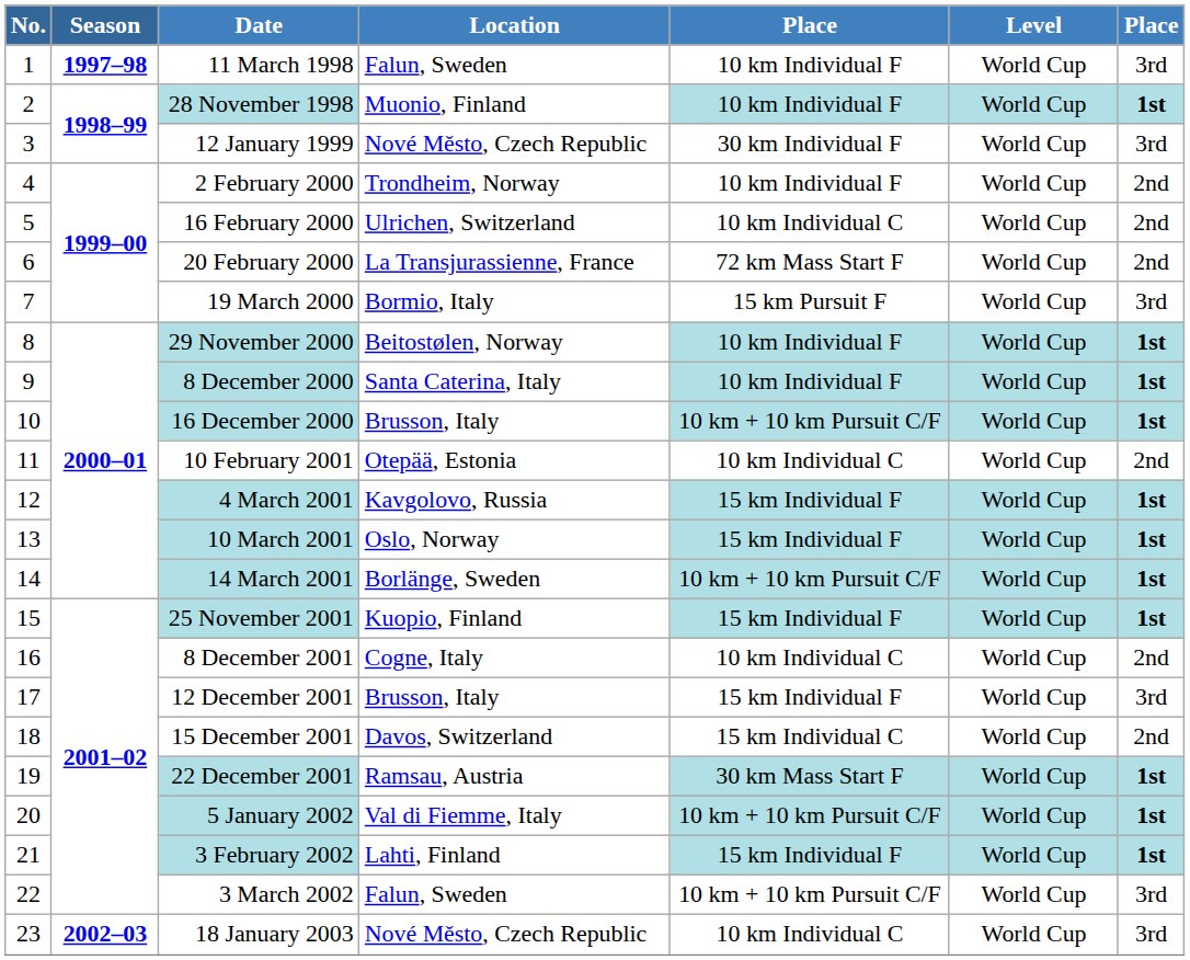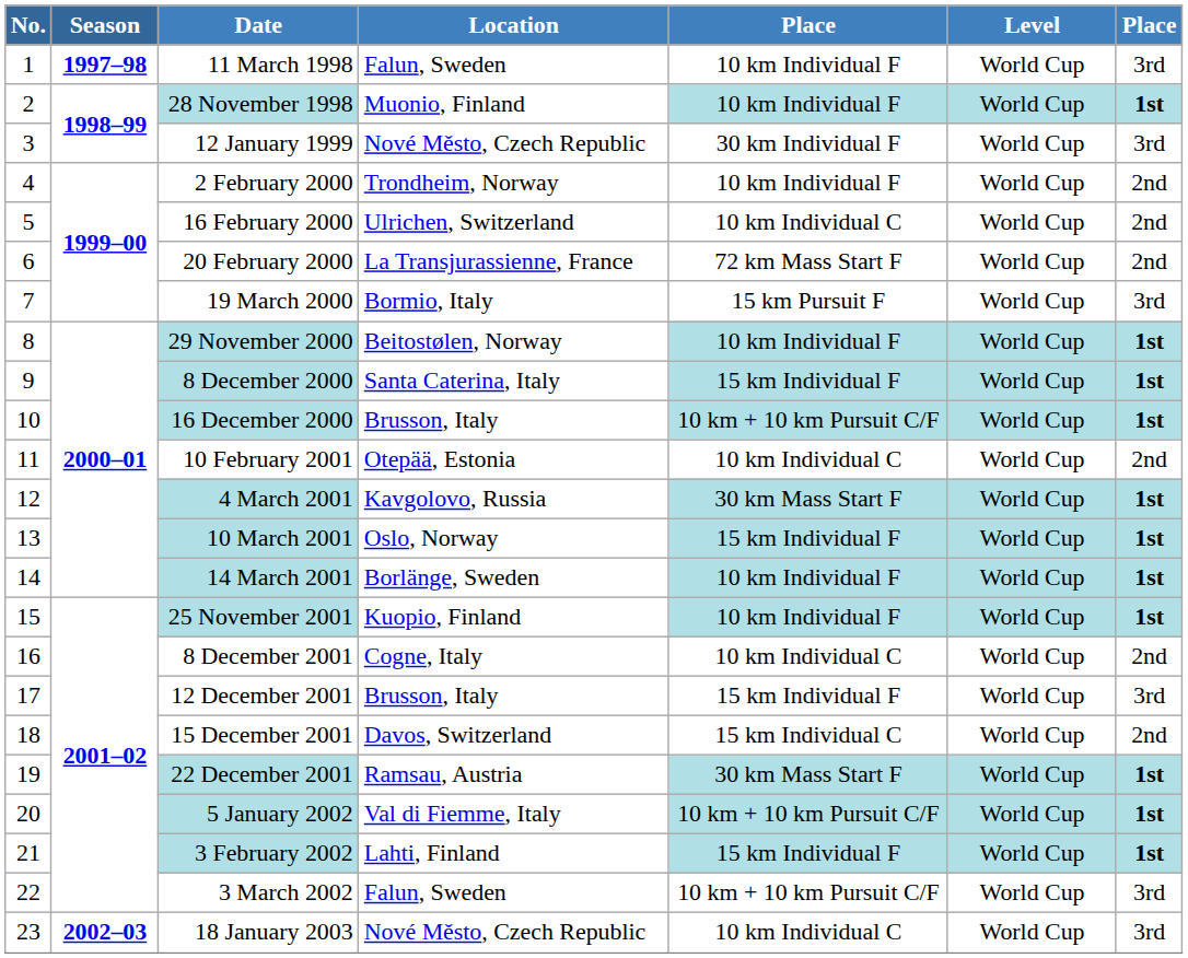 <table class="wikitable sortable" style="font-size:95%; text-align:center; border:grey solid 1px; border-collapse:collapse; background:#ffffff;">
 <tr style="background:#efefef;">
 <th style="background-color:#369; color:white;">No.</th>
 <th style="background-color:#369; color:white;">Season</th>
 <th style="background-color:#4180be; color:white; width:120px;">Date</th>
 <th style="background-color:#4180be; color:white; width:190px;">Location</th>
 <th style="background-color:#4180be; color:white; width:170px;">Place</th>
 <th style="background-color:#4180be; color:white; width:100px;">Level</th>
 <th style="background-color:#4180be; color:white;">Place</th>
 </tr>
 <tr>
 <td align=center>1</td>
 <td rowspan=1 align=center><strong> <a href='#'>1997–98</a> </strong></td>
 <td align=right>11 March 1998</td>
 <td align=left> <a href='#'>Falun</a>, Sweden</td>
 <td>10 km Individual F</td>
 <td>World Cup</td>
 <td>3rd</td>
 </tr>
 <tr>
 <td align=center>2</td>
 <td rowspan=2 align=center><strong><a href='#'>1998–99</a></strong></td>
 <td bgcolor="#BOEOE6" align=right>28 November 1998</td>
 <td align=left> <a href='#'>Muonio</a>, Finland</td>
 <td bgcolor="#BOEOE6">10 km Individual F</td>
 <td bgcolor="#BOEOE6">World Cup</td>
 <td bgcolor="#BOEOE6"><strong>1st</strong></td>
 </tr>
 <tr>
 <td align=center>3</td>
 <td align=right>12 January 1999</td>
 <td align=left> <a href='#'>Nové Město</a>, Czech Republic</td>
 <td>30 km Individual F</td>
 <td>World Cup</td>
 <td>3rd</td>
 </tr>
 <tr>
 <td align=center>4</td>
 <td rowspan=4 align=center><strong> <a href='#'>1999–00</a> </strong></td>
 <td align=right>2 February 2000</td>
 <td align=left> <a href='#'>Trondheim</a>, Norway</td>
 <td>10 km Individual F</td>
 <td>World Cup</td>
 <td>2nd</td>
 </tr>
 <tr>
 <td align=center>5</td>
 <td align=right>16 February 2000</td>
 <td align=left> <a href='#'>Ulrichen</a>, Switzerland</td>
 <td>10 km Individual C</td>
 <td>World Cup</td>
 <td>2nd</td>
 </tr>
 <tr>
 <td align=center>6</td>
 <td align=right>20 February 2000</td>
 <td align=left> <a href='#'>La Transjurassienne</a>, France</td>
 <td>72 km Mass Start F</td>
 <td>World Cup</td>
 <td>2nd</td>
 </tr>
 <tr>
 <td align=center>7</td>
 <td align=right>19 March 2000</td>
 <td align=left> <a href='#'>Bormio</a>, Italy</td>
 <td>15 km Pursuit F</td>
 <td>World Cup</td>
 <td>3rd</td>
 </tr>
 <tr>
 <td align=center>8</td>
 <td rowspan=7 align=center><strong><a href='#'>2000–01</a></strong></td>
 <td bgcolor="#BOEOE6" align=right>29 November 2000</td>
 <td align=left> <a href='#'>Beitostølen</a>, Norway</td>
 <td bgcolor="#BOEOE6">10 km Individual F</td>
 <td bgcolor="#BOEOE6">World Cup</td>
 <td bgcolor="#BOEOE6"><strong>1st</strong></td>
 </tr>
 <tr>
 <td align=center>9</td>
 <td bgcolor="#BOEOE6" align=right>8 December 2000</td>
 <td align=left> <a href='#'>Santa Caterina</a>, Italy</td>
-<td bgcolor="#BOEOE6">10 km Individual F</td>
+<td bgcolor="#BOEOE6" align=center>15 km Individual F</td>
 <td bgcolor="#BOEOE6">World Cup</td>
 <td bgcolor="#BOEOE6"><strong>1st</strong></td>
 </tr>
 <tr>
 <td align=center>10</td>
 <td bgcolor="#BOEOE6" align=right>16 December 2000</td>
 <td align=left> <a href='#'>Brusson</a>, Italy</td>
 <td bgcolor="#BOEOE6" align=center>10 km + 10 km Pursuit C/F</td>
 <td bgcolor="#BOEOE6">World Cup</td>
 <td bgcolor="#BOEOE6"><strong>1st</strong></td>
 </tr>
 <tr>
 <td align=center>11</td>
 <td align=right>10 February 2001</td>
 <td align=left> <a href='#'>Otepää</a>, Estonia</td>
 <td>10 km Individual C</td>
 <td>World Cup</td>
 <td>2nd</td>
 </tr>
 <tr>
 <td align=center>12</td>
 <td bgcolor="#BOEOE6" align=right>4 March 2001</td>
 <td align=left> <a href='#'>Kavgolovo</a>, Russia</td>
-<td bgcolor="#BOEOE6" align=center>15 km Individual F</td>
+<td bgcolor="#BOEOE6" align=center>30 km Mass Start F</td>
 <td bgcolor="#BOEOE6">World Cup</td>
 <td bgcolor="#BOEOE6"><strong>1st</strong></td>
 </tr>
 <tr>
 <td align=center>13</td>
 <td bgcolor="#BOEOE6" align=right>10 March 2001</td>
 <td align=left> <a href='#'>Oslo</a>, Norway</td>
 <td bgcolor="#BOEOE6" align=center>15 km Individual F</td>
 <td bgcolor="#BOEOE6">World Cup</td>
 <td bgcolor="#BOEOE6"><strong>1st</strong></td>
 </tr>
 <tr>
 <td align=center>14</td>
 <td bgcolor="#BOEOE6" align=right>14 March 2001</td>
 <td align=left> <a href='#'>Borlänge</a>, Sweden</td>
-<td bgcolor="#BOEOE6" align=center>10 km + 10 km Pursuit C/F</td>
+<td bgcolor="#BOEOE6" align=center>10 km Individual F</td>
 <td bgcolor="#BOEOE6">World Cup</td>
 <td bgcolor="#BOEOE6"><strong>1st</strong></td>
 </tr>
 <tr>
 <td align=center>15</td>
 <td rowspan=8 align=center><strong><a href='#'>2001–02</a></strong></td>
 <td bgcolor="#BOEOE6" align=right>25 November 2001</td>
 <td align=left> <a href='#'>Kuopio</a>, Finland</td>
-<td bgcolor="#BOEOE6" align=center>15 km Individual F</td>
+<td bgcolor="#BOEOE6">10 km Individual F</td>
 <td bgcolor="#BOEOE6">World Cup</td>
 <td bgcolor="#BOEOE6"><strong>1st</strong></td>
 </tr>
 <tr>
 <td align=center>16</td>
 <td align=right>8 December 2001</td>
 <td align=left> <a href='#'>Cogne</a>, Italy</td>
 <td>10 km Individual C</td>
 <td>World Cup</td>
 <td>2nd</td>
 </tr>
 <tr>
 <td align=center>17</td>
 <td align=right>12 December 2001</td>
 <td align=left> <a href='#'>Brusson</a>, Italy</td>
 <td>15 km Individual F</td>
 <td>World Cup</td>
 <td>3rd</td>
 </tr>
 <tr>
 <td align=center>18</td>
 <td align=right>15 December 2001</td>
 <td align=left> <a href='#'>Davos</a>, Switzerland</td>
 <td>15 km Individual C</td>
 <td>World Cup</td>
 <td>2nd</td>
 </tr>
 <tr>
 <td align=center>19</td>
 <td bgcolor="#BOEOE6" align=right>22 December 2001</td>
 <td align=left> <a href='#'>Ramsau</a>, Austria</td>
 <td bgcolor="#BOEOE6" align=center>30 km Mass Start F</td>
 <td bgcolor="#BOEOE6">World Cup</td>
 <td bgcolor="#BOEOE6"><strong>1st</strong></td>
 </tr>
 <tr>
 <td align=center>20</td>
 <td bgcolor="#BOEOE6" align=right>5 January 2002</td>
 <td align=left> <a href='#'>Val di Fiemme</a>, Italy</td>
 <td bgcolor="#BOEOE6" align=center>10 km + 10 km Pursuit C/F</td>
 <td bgcolor="#BOEOE6">World Cup</td>
 <td bgcolor="#BOEOE6"><strong>1st</strong></td>
 </tr>
 <tr>
 <td align=center>21</td>
 <td bgcolor="#BOEOE6" align=right>3 February 2002</td>
 <td align=left> <a href='#'>Lahti</a>, Finland</td>
 <td bgcolor="#BOEOE6" align=center>15 km Individual F</td>
 <td bgcolor="#BOEOE6">World Cup</td>
 <td bgcolor="#BOEOE6"><strong>1st</strong></td>
 </tr>
 <tr>
 <td align=center>22</td>
 <td align=right>3 March 2002</td>
 <td align=left> <a href='#'>Falun</a>, Sweden</td>
 <td>10 km + 10 km Pursuit C/F</td>
 <td>World Cup</td>
 <td>3rd</td>
 </tr>
 <tr>
 <td align=center>23</td>
 <td rowspan=1 align=center><strong> <a href='#'>2002–03</a> </strong></td>
 <td align=right>18 January 2003</td>
 <td align=left> <a href='#'>Nové Město</a>, Czech Republic</td>
 <td>10 km Individual C</td>
 <td>World Cup</td>
 <td>3rd</td>
 </tr>
 <tr>
 </tr>
 </table>
